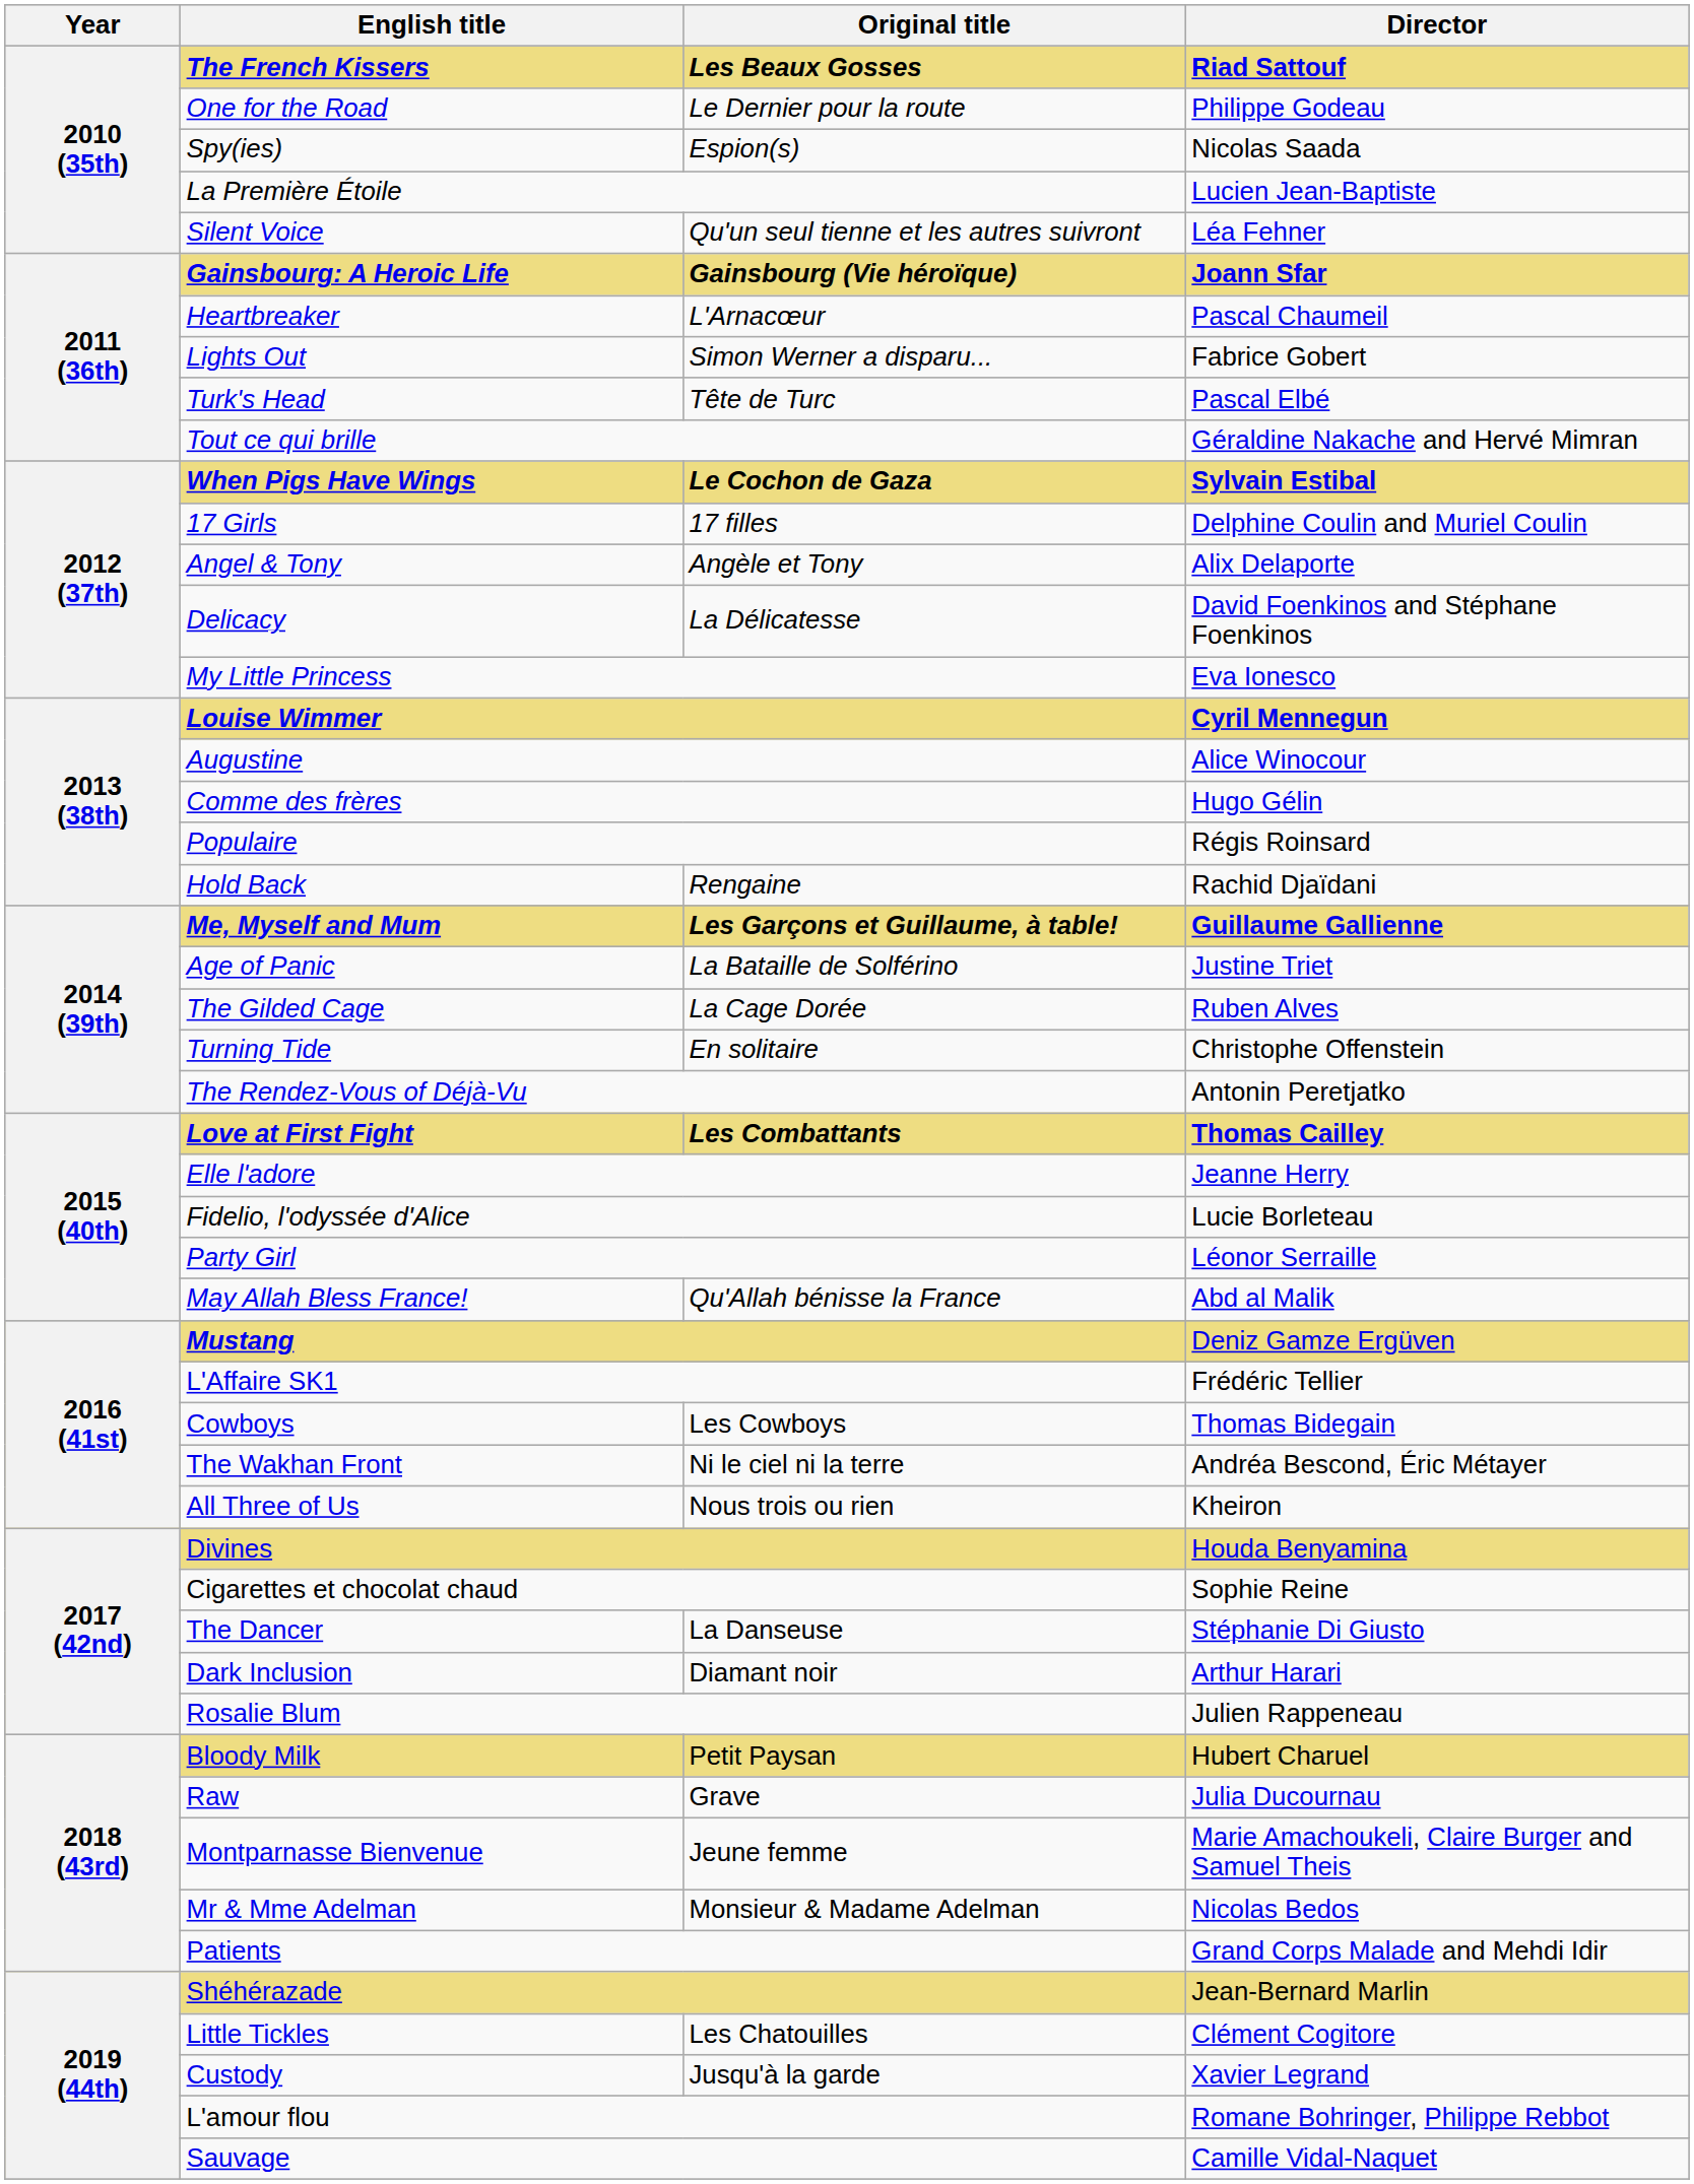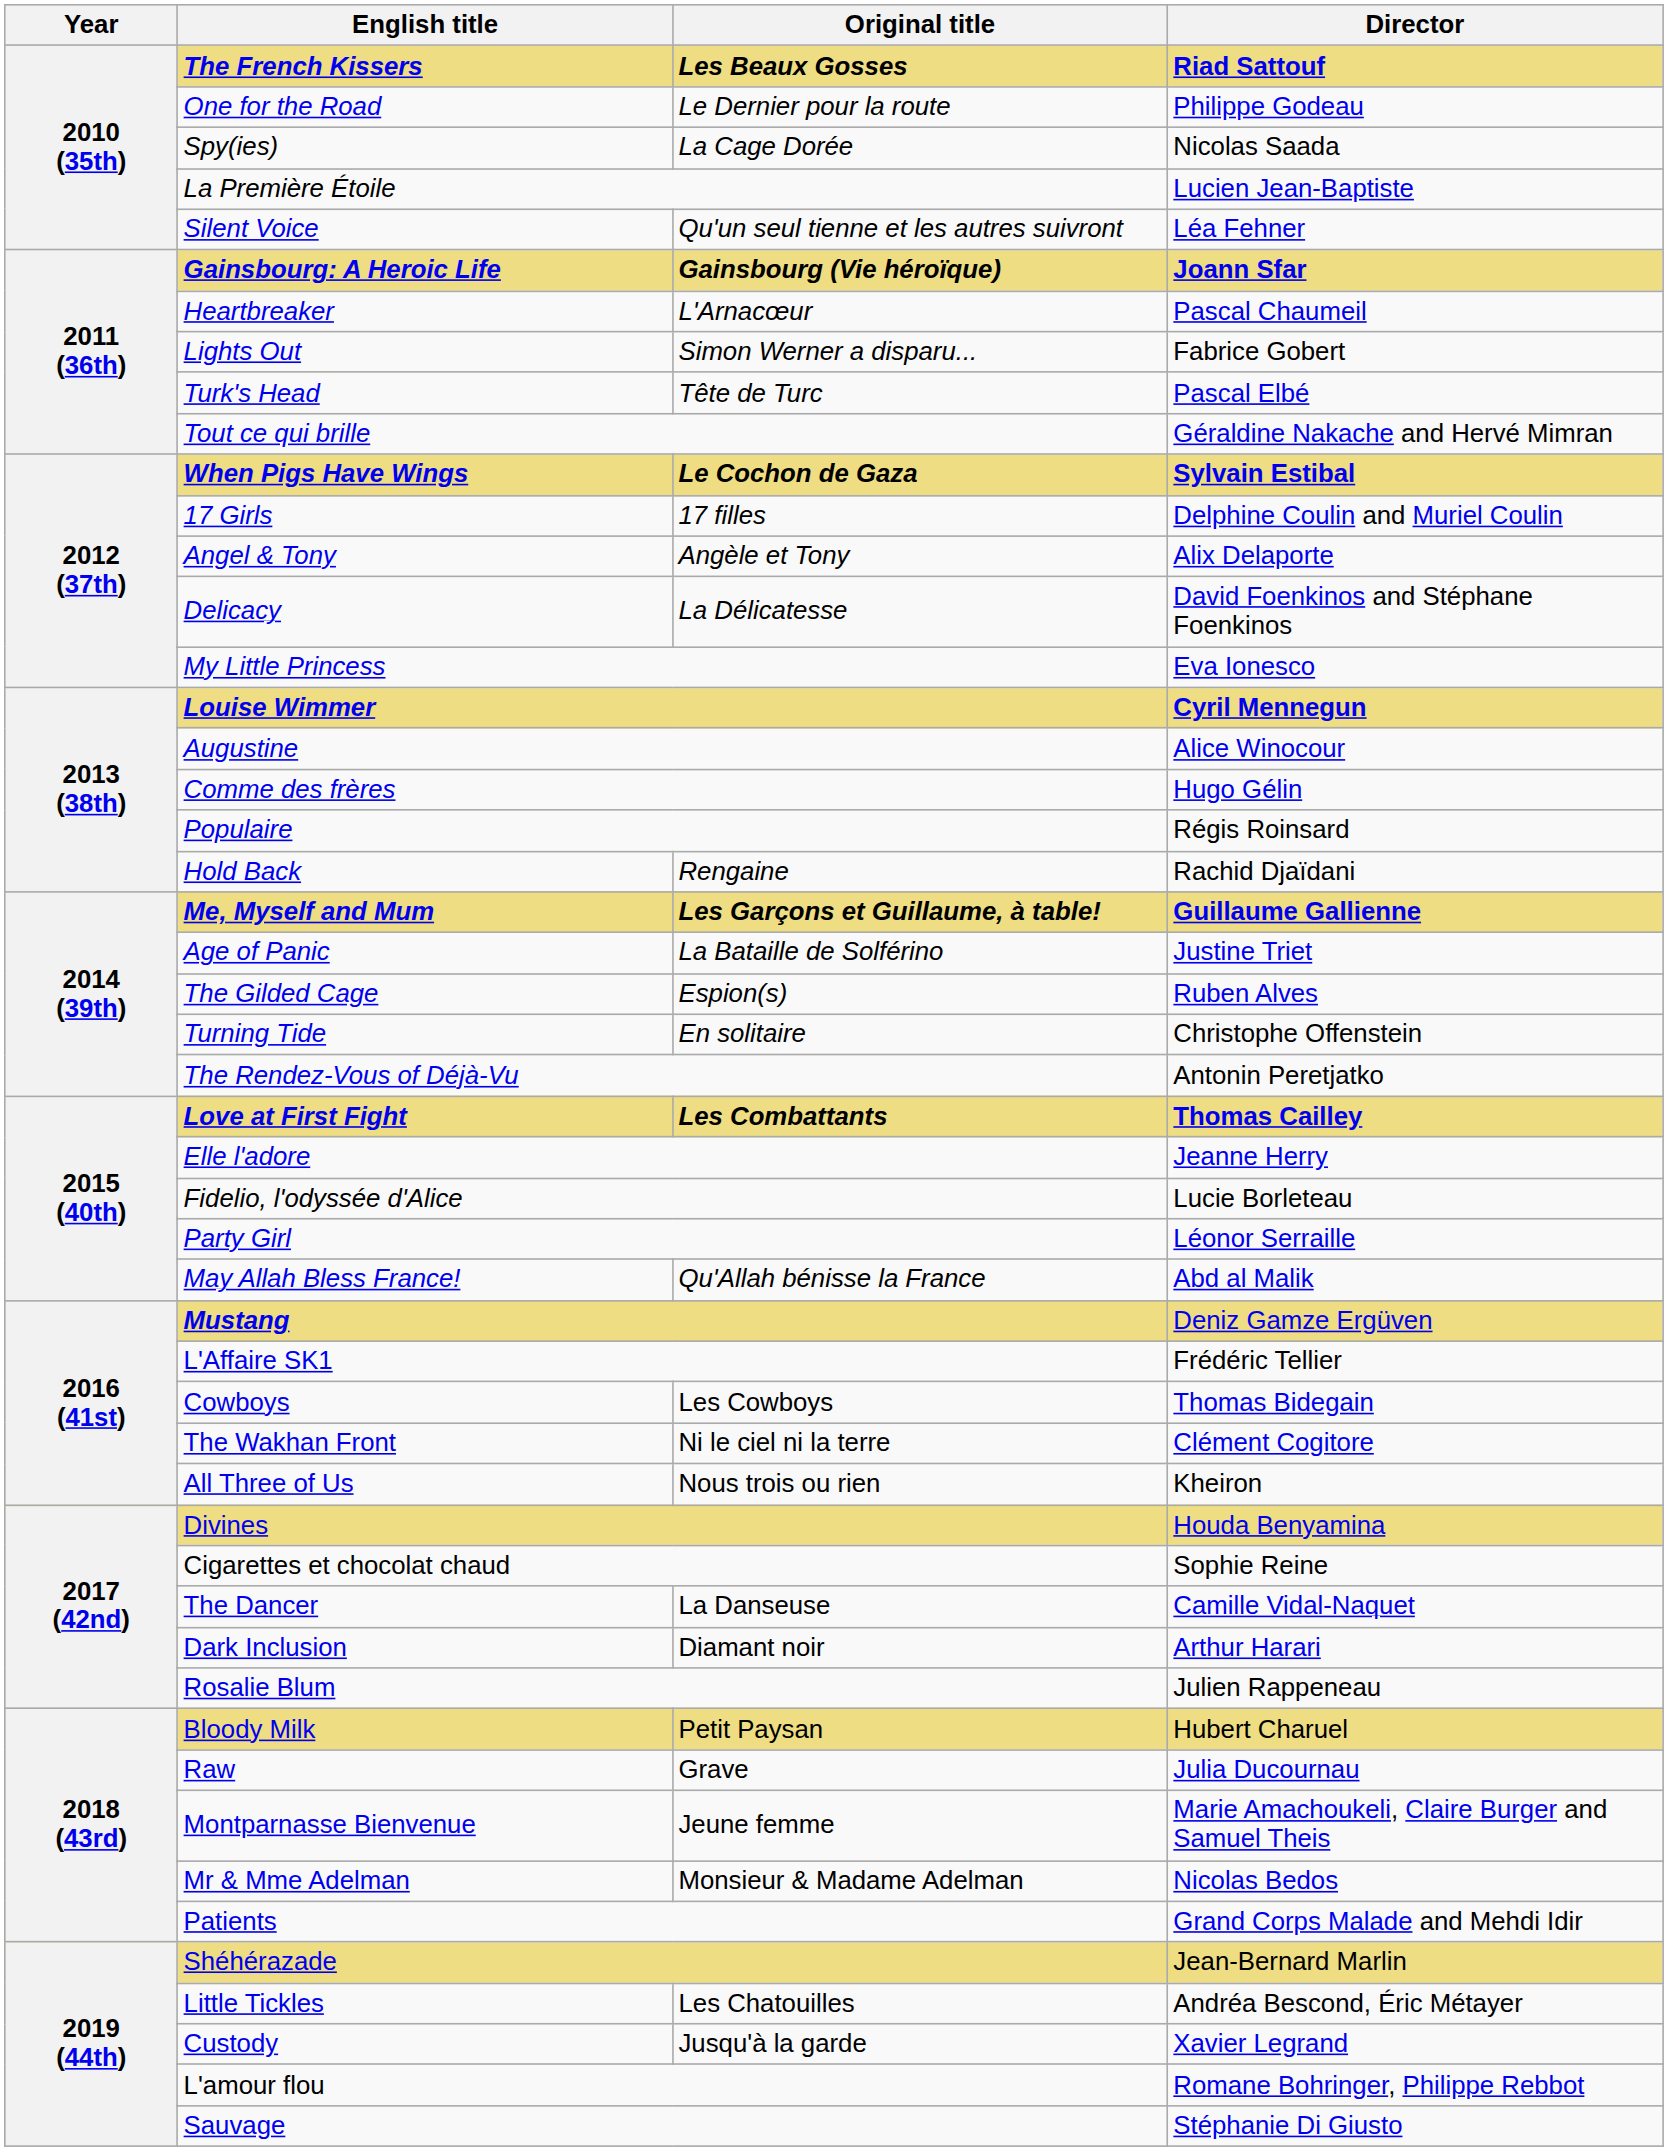 <table class="wikitable">
 <tr>
 <th width="100">Year</th>
 <th width="300">English title</th>
 <th width="300">Original title</th>
 <th width="300">Director</th>
 </tr>
 <tr>
 <th rowspan="5" style="text-align:center;">2010<br>(<a href='#'>35th</a>)</th>
 <td style="background:#eedd82;"><strong><em><a href='#'>The French Kissers</a></em></strong></td>
 <td style="background:#eedd82;"><strong><em>Les Beaux Gosses</em></strong></td>
 <td style="background:#eedd82;"><strong><a href='#'>Riad Sattouf</a></strong></td>
 </tr>
 <tr>
 <td><em><a href='#'>One for the Road</a></em></td>
 <td><em>Le Dernier pour la route</em></td>
 <td><a href='#'>Philippe Godeau</a></td>
 </tr>
 <tr>
 <td><em>Spy(ies)</em></td>
-<td><em>Espion(s)</em></td>
+<td><em>La Cage Dorée</em></td>
 <td>Nicolas Saada</td>
 </tr>
 <tr>
 <td colspan="2"><em>La Première Étoile</em></td>
 <td><a href='#'>Lucien Jean-Baptiste</a></td>
 </tr>
 <tr>
 <td><em><a href='#'>Silent Voice</a></em></td>
 <td><em>Qu'un seul tienne et les autres suivront</em></td>
 <td><a href='#'>Léa Fehner</a></td>
 </tr>
 <tr>
 <th rowspan="5" style="text-align:center;">2011<br>(<a href='#'>36th</a>)</th>
 <td style="background:#eedd82;"><strong><em><a href='#'>Gainsbourg: A Heroic Life</a></em></strong></td>
 <td style="background:#eedd82;"><strong><em>Gainsbourg (Vie héroïque)</em></strong></td>
 <td style="background:#eedd82;"><strong><a href='#'>Joann Sfar</a></strong></td>
 </tr>
 <tr>
 <td><em><a href='#'>Heartbreaker</a></em></td>
 <td><em>L'Arnacœur</em></td>
 <td><a href='#'>Pascal Chaumeil</a></td>
 </tr>
 <tr>
 <td><em><a href='#'>Lights Out</a></em></td>
 <td><em>Simon Werner a disparu...</em></td>
 <td>Fabrice Gobert</td>
 </tr>
 <tr>
 <td><em><a href='#'>Turk's Head</a></em></td>
 <td><em>Tête de Turc</em></td>
 <td><a href='#'>Pascal Elbé</a></td>
 </tr>
 <tr>
 <td colspan="2"><em><a href='#'>Tout ce qui brille</a></em></td>
 <td><a href='#'>Géraldine Nakache</a> and Hervé Mimran</td>
 </tr>
 <tr>
 <th rowspan="5" style="text-align:center;">2012<br>(<a href='#'>37th</a>)</th>
 <td style="background:#eedd82;"><strong><em><a href='#'>When Pigs Have Wings</a></em></strong></td>
 <td style="background:#eedd82;"><strong><em>Le Cochon de Gaza</em></strong></td>
 <td style="background:#eedd82;"><strong><a href='#'>Sylvain Estibal</a></strong></td>
 </tr>
 <tr>
 <td><em><a href='#'>17 Girls</a></em></td>
 <td><em>17 filles</em></td>
 <td><a href='#'>Delphine Coulin</a> and <a href='#'>Muriel Coulin</a></td>
 </tr>
 <tr>
 <td><em><a href='#'>Angel & Tony</a></em></td>
 <td><em>Angèle et Tony</em></td>
 <td><a href='#'>Alix Delaporte</a></td>
 </tr>
 <tr>
 <td><em><a href='#'>Delicacy</a></em></td>
 <td><em>La Délicatesse</em></td>
 <td><a href='#'>David Foenkinos</a> and Stéphane Foenkinos</td>
 </tr>
 <tr>
 <td colspan="2"><em><a href='#'>My Little Princess</a></em></td>
 <td><a href='#'>Eva Ionesco</a></td>
 </tr>
 <tr>
 <th rowspan="5" style="text-align:center;">2013<br>(<a href='#'>38th</a>)</th>
 <td colspan="2" style="background:#eedd82;"><strong><em><a href='#'>Louise Wimmer</a></em></strong></td>
 <td style="background:#eedd82;"><strong><a href='#'>Cyril Mennegun</a></strong></td>
 </tr>
 <tr>
 <td colspan="2"><em><a href='#'>Augustine</a></em></td>
 <td><a href='#'>Alice Winocour</a></td>
 </tr>
 <tr>
 <td colspan="2"><em><a href='#'>Comme des frères</a></em></td>
 <td><a href='#'>Hugo Gélin</a></td>
 </tr>
 <tr>
 <td colspan="2"><em><a href='#'>Populaire</a></em></td>
 <td>Régis Roinsard</td>
 </tr>
 <tr>
 <td><em><a href='#'>Hold Back</a></em></td>
 <td><em>Rengaine</em></td>
 <td>Rachid Djaïdani</td>
 </tr>
 <tr>
 <th rowspan="5" style="text-align:center;">2014<br>(<a href='#'>39th</a>)</th>
 <td style="background:#eedd82;"><strong><em><a href='#'>Me, Myself and Mum</a></em></strong></td>
 <td style="background:#eedd82;"><strong><em>Les Garçons et Guillaume, à table!</em></strong></td>
 <td style="background:#eedd82;"><strong><a href='#'>Guillaume Gallienne</a></strong></td>
 </tr>
 <tr>
 <td><em><a href='#'>Age of Panic</a></em></td>
 <td><em>La Bataille de Solférino</em></td>
 <td><a href='#'>Justine Triet</a></td>
 </tr>
 <tr>
 <td><em><a href='#'>The Gilded Cage</a></em></td>
-<td><em>La Cage Dorée</em></td>
+<td><em>Espion(s)</em></td>
 <td><a href='#'>Ruben Alves</a></td>
 </tr>
 <tr>
 <td><em><a href='#'>Turning Tide</a></em></td>
 <td><em>En solitaire</em></td>
 <td>Christophe Offenstein</td>
 </tr>
 <tr>
 <td colspan="2"><em><a href='#'>The Rendez-Vous of Déjà-Vu</a></em></td>
 <td>Antonin Peretjatko</td>
 </tr>
 <tr>
 <th rowspan="5" style="text-align:center;">2015<br>(<a href='#'>40th</a>)</th>
 <td style="background:#eedd82;"><em><a href='#'><strong>Love at First Fight</strong></a></em></td>
 <td style="background:#eedd82;"><strong><em>Les Combattants</em></strong></td>
 <td style="background:#eedd82;"><strong><a href='#'>Thomas Cailley</a></strong></td>
 </tr>
 <tr>
 <td colspan="2"><em><a href='#'>Elle l'adore</a></em></td>
 <td><a href='#'>Jeanne Herry</a></td>
 </tr>
 <tr>
 <td colspan="2"><em>Fidelio, l'odyssée d'Alice</em></td>
 <td>Lucie Borleteau</td>
 </tr>
 <tr>
 <td colspan="2"><em><a href='#'>Party Girl</a></em></td>
 <td><a href='#'>Léonor Serraille</a></td>
 </tr>
 <tr>
 <td><em><a href='#'>May Allah Bless France!</a></em></td>
 <td><em>Qu'Allah bénisse la France</em></td>
 <td><a href='#'>Abd al Malik</a></td>
 </tr>
 <tr style="background:#eedd82;">
 <th rowspan="5">2016<br>(<a href='#'>41st</a>)</th>
 <td colspan="2"><strong><em><a href='#'>Mustang</a><em><strong></td>
 <td></strong><a href='#'>Deniz Gamze Ergüven</a><strong></td>
 </tr>
 <tr>
 <td colspan="2"></em><a href='#'>L'Affaire SK1</a><em></td>
 <td>Frédéric Tellier</td>
 </tr>
 <tr>
 <td></em><a href='#'>Cowboys</a><em></td>
 <td></em>Les Cowboys<em></td>
 <td><a href='#'>Thomas Bidegain</a></td>
 </tr>
 <tr>
 <td></em><a href='#'>The Wakhan Front</a><em></td>
 <td></em>Ni le ciel ni la terre<em></td>
-<td>Andréa Bescond, Éric Métayer</td>
+<td><a href='#'>Clément Cogitore</a></td>
 </tr>
 <tr>
 <td></em><a href='#'>All Three of Us</a><em></td>
 <td></em>Nous trois ou rien<em></td>
 <td>Kheiron</td>
 </tr>
 <tr style="background:#eedd82;">
 <th rowspan="5">2017<br>(<a href='#'>42nd</a>)</th>
 <td colspan="2"></em><a href='#'></strong>Divines<strong></a><em></td>
 <td></strong><a href='#'>Houda Benyamina</a><strong></td>
 </tr>
 <tr>
 <td colspan="2"></em>Cigarettes et chocolat chaud<em></td>
 <td>Sophie Reine</td>
 </tr>
 <tr>
 <td></em><a href='#'>The Dancer</a><em></td>
 <td></em>La Danseuse<em></td>
-<td><a href='#'>Stéphanie Di Giusto</a></td>
+<td><a href='#'>Camille Vidal-Naquet</a></td>
 </tr>
 <tr>
 <td></em><a href='#'>Dark Inclusion</a><em></td>
 <td></em>Diamant noir<em></td>
 <td><a href='#'>Arthur Harari</a></td>
 </tr>
 <tr>
 <td colspan="2"></em><a href='#'>Rosalie Blum</a><em></td>
 <td>Julien Rappeneau</td>
 </tr>
 <tr style="background:#eedd82;">
 <th rowspan="5">2018<br>(<a href='#'>43rd</a>)</th>
 <td></em></strong><a href='#'>Bloody Milk</a><strong><em></td>
 <td></em></strong>Petit Paysan<strong><em></td>
 <td></strong>Hubert Charuel<strong></td>
 </tr>
 <tr>
 <td></em><a href='#'>Raw</a><em></td>
 <td></em>Grave<em></td>
 <td><a href='#'>Julia Ducournau</a></td>
 </tr>
 <tr>
 <td></em><a href='#'>Montparnasse Bienvenue</a><em></td>
 <td></em>Jeune femme<em></td>
 <td><a href='#'>Marie Amachoukeli</a>, <a href='#'>Claire Burger</a> and <a href='#'>Samuel Theis</a></td>
 </tr>
 <tr>
 <td></em><a href='#'>Mr & Mme Adelman</a><em></td>
 <td></em>Monsieur & Madame Adelman<em></td>
 <td><a href='#'>Nicolas Bedos</a></td>
 </tr>
 <tr>
 <td colspan="2"></em><a href='#'>Patients</a><em></td>
 <td><a href='#'>Grand Corps Malade</a> and Mehdi Idir</td>
 </tr>
 <tr style="background:#eedd82;">
 <th rowspan="5">2019<br>(<a href='#'>44th</a>)</th>
 <td colspan="2"></em><a href='#'></strong>Shéhérazade<strong></a><em></td>
 <td></strong>Jean-Bernard Marlin<strong></td>
 </tr>
 <tr>
 <td></em><a href='#'>Little Tickles</a><em></td>
 <td></em>Les Chatouilles<em></td>
-<td><a href='#'>Clément Cogitore</a></td>
+<td>Andréa Bescond, Éric Métayer</td>
 </tr>
 <tr>
 <td></em><a href='#'>Custody</a><em></td>
 <td></em>Jusqu'à la garde<em></td>
 <td><a href='#'>Xavier Legrand</a></td>
 </tr>
 <tr>
 <td colspan="2"></em>L'amour flou<em></td>
 <td><a href='#'>Romane Bohringer</a>, <a href='#'>Philippe Rebbot</a></td>
 </tr>
 <tr>
 <td colspan="2"></em><a href='#'>Sauvage</a><em></td>
-<td><a href='#'>Camille Vidal-Naquet</a></td>
+<td><a href='#'>Stéphanie Di Giusto</a></td>
 </tr>
 </table>
